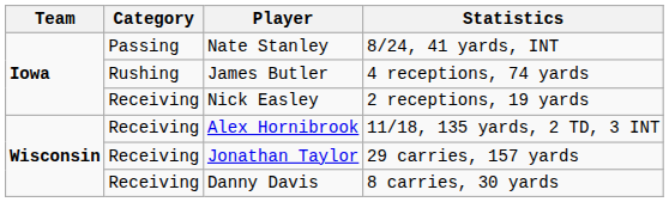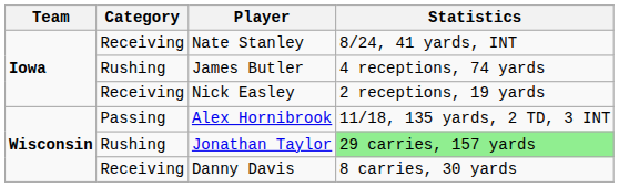 <table class="wikitable" style="float: left;">
 <tr>
 <th>Team</th>
 <th>Category</th>
 <th>Player</th>
 <th>Statistics</th>
 </tr>
 <tr>
 <td rowspan=3><strong>Iowa</strong></td>
-<td>Passing</td>
+<td>Receiving</td>
 <td>Nate Stanley</td>
 <td>8/24, 41 yards, INT</td>
 </tr>
 <tr>
 <td>Rushing</td>
 <td>James Butler</td>
 <td>4 receptions, 74 yards</td>
 </tr>
 <tr>
 <td>Receiving</td>
 <td>Nick Easley</td>
 <td>2 receptions, 19 yards</td>
 </tr>
 <tr>
 <td rowspan=3><strong>Wisconsin</strong></td>
-<td>Receiving</td>
+<td>Passing</td>
 <td><a href='#'>Alex Hornibrook</a></td>
 <td>11/18, 135 yards, 2 TD, 3 INT</td>
 </tr>
 <tr>
-<td>Receiving</td>
+<td>Rushing</td>
 <td><a href='#'>Jonathan Taylor</a></td>
-<td>29 carries, 157 yards</td>
+<td style="background: lightgreen;">29 carries, 157 yards</td>
 </tr>
 <tr>
 <td>Receiving</td>
 <td>Danny Davis</td>
 <td>8 carries, 30 yards</td>
 </tr>
 </table>
